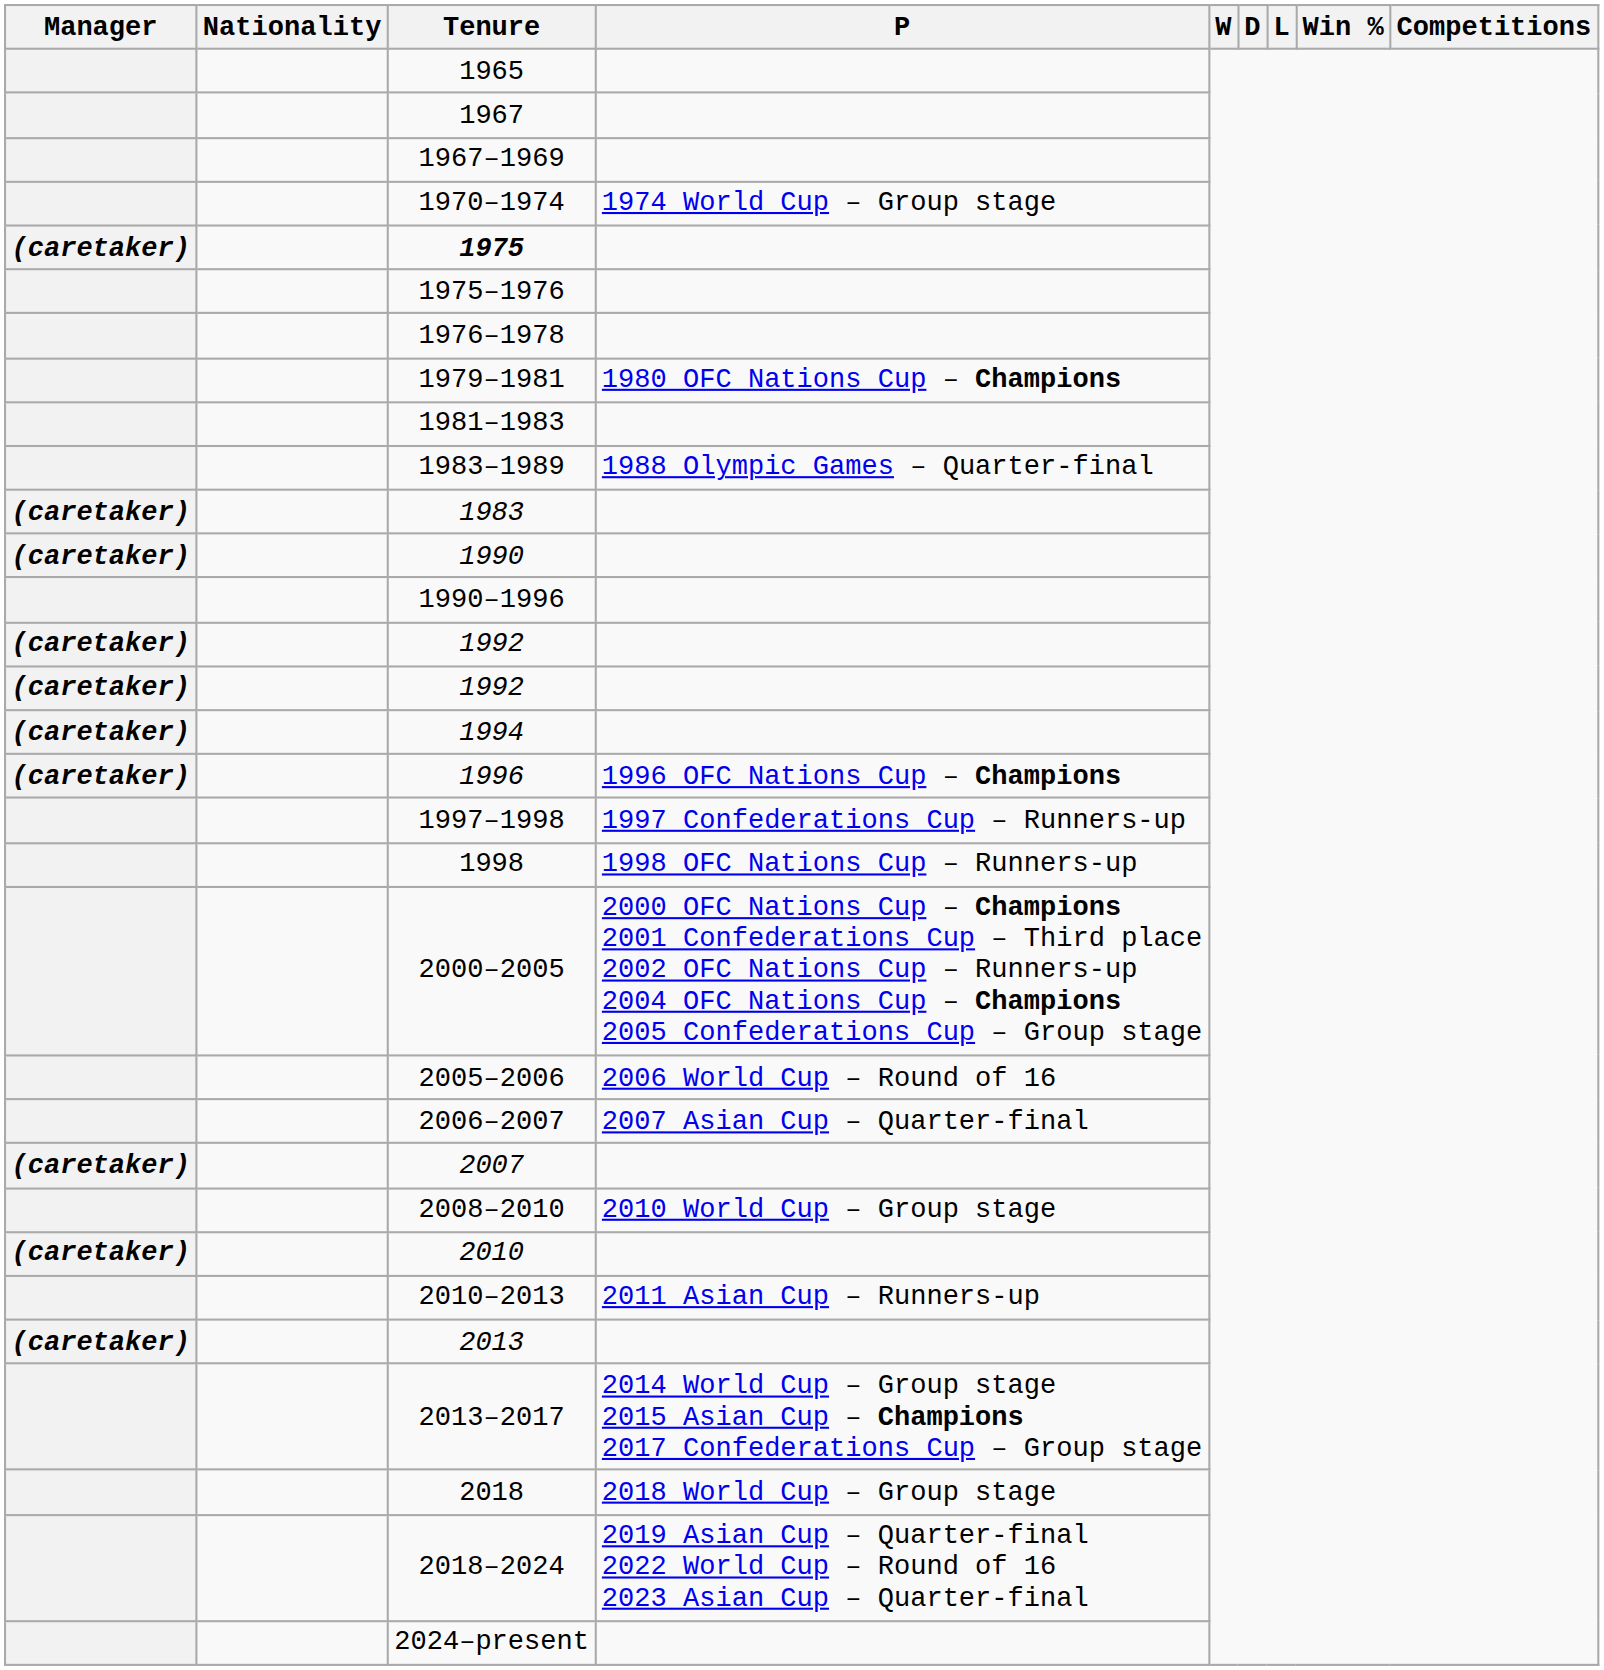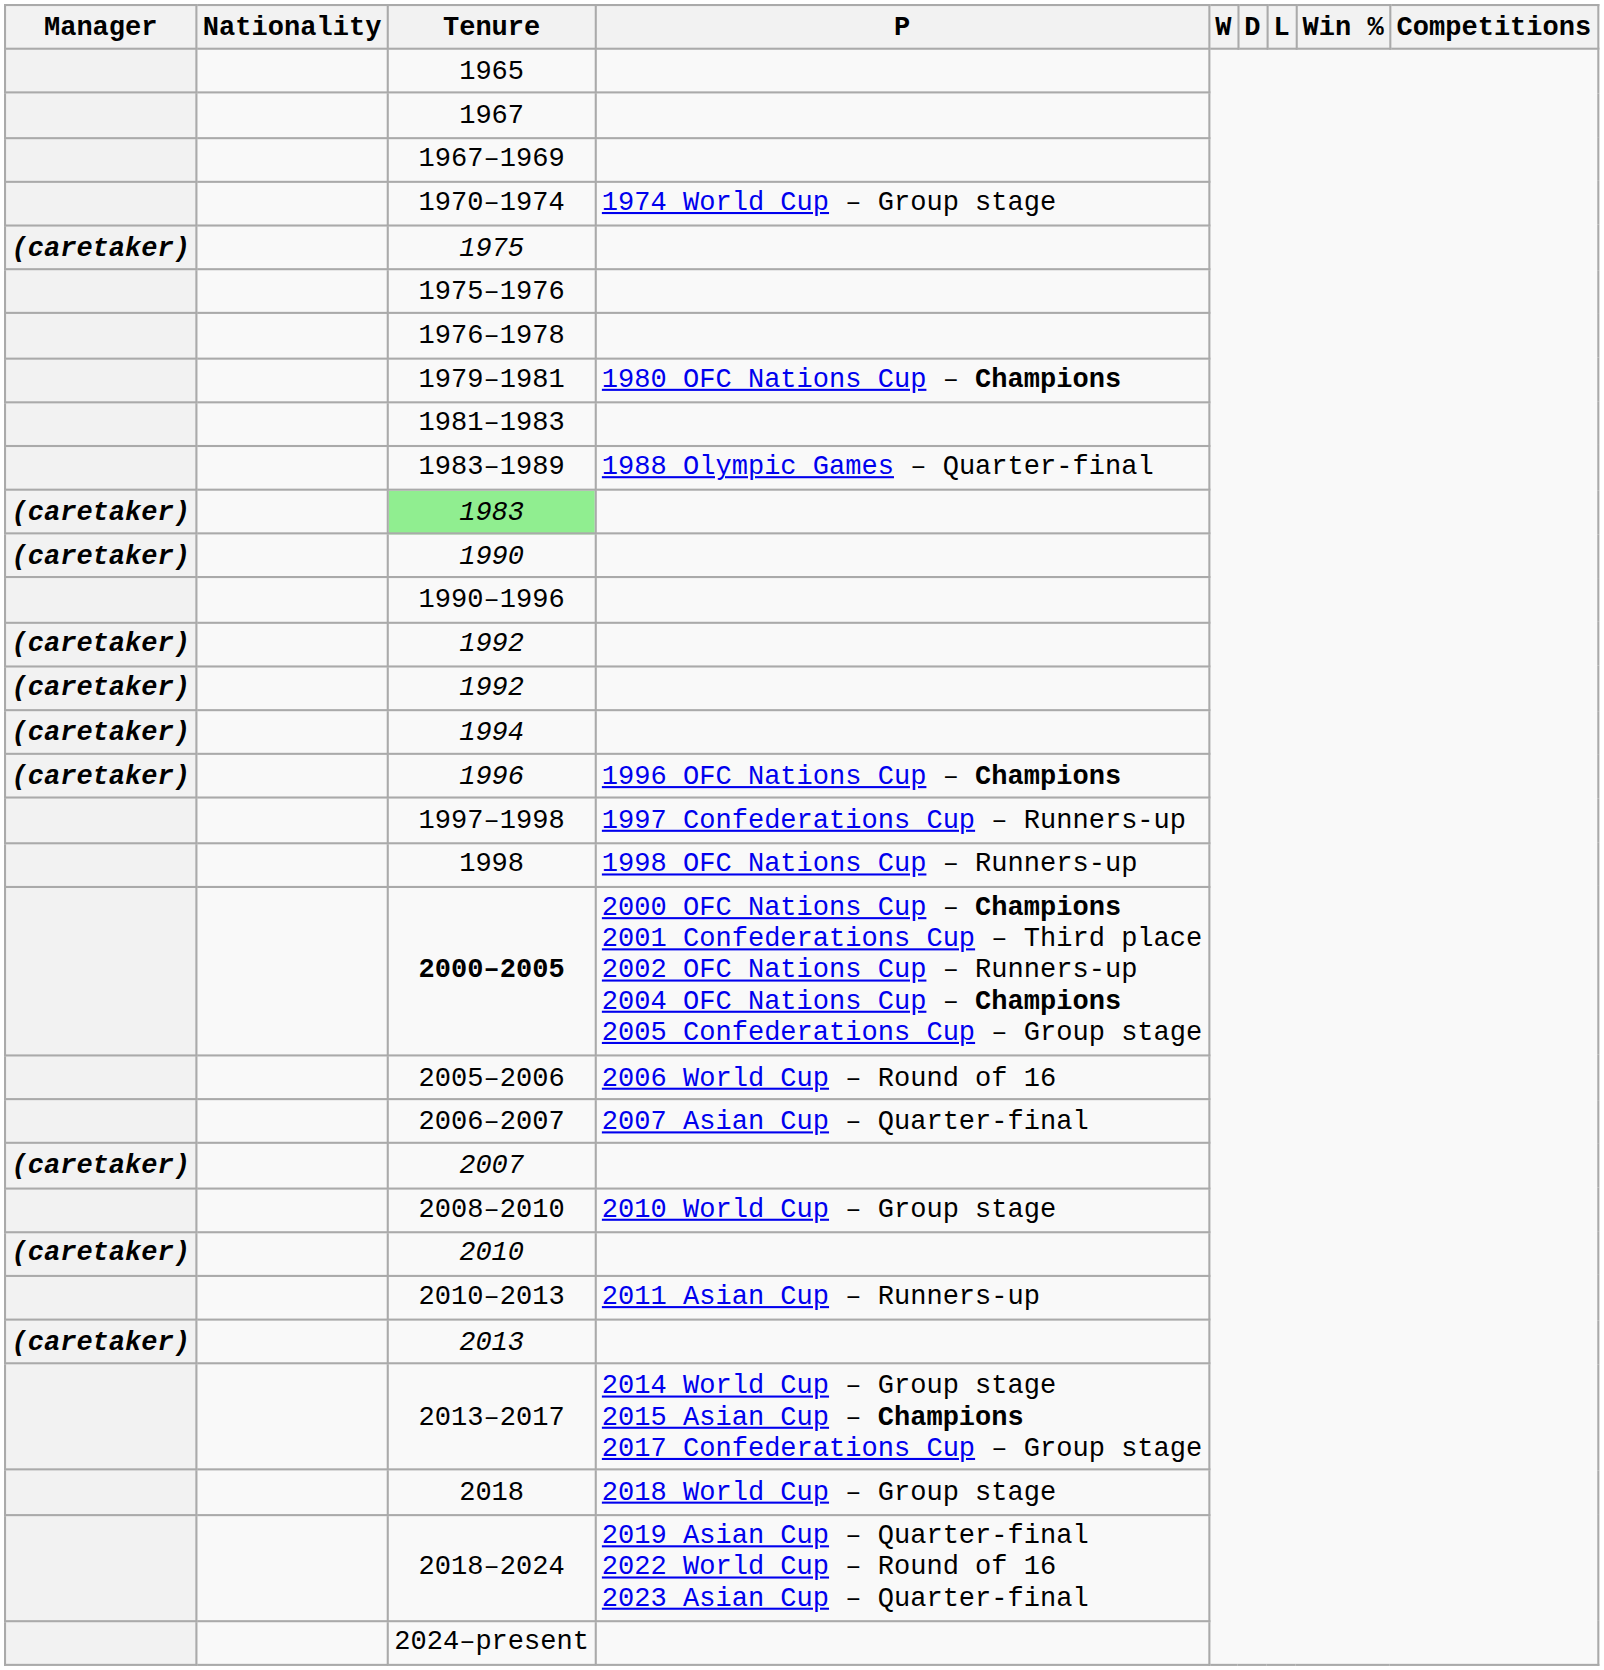 <table class="wikitable sortable plainrowheaders" style="text-align:center;">
 <tr>
 <th scope=col>Manager</th>
 <th scope=col>Nationality</th>
 <th scope=col>Tenure</th>
 <th scope=col>P</th>
 <th scope=col>W</th>
 <th scope=col>D</th>
 <th scope=col>L</th>
 <th scope=col>Win %</th>
 <th scope=col>Competitions</th>
 </tr>
 <tr>
 <th scope=row style="text-align: left;"></th>
 <td style="text-align: left;"></td>
 <td>1965<br></td>
 <td></td>
 </tr>
 <tr>
 <th scope=row style="text-align: left;"></th>
 <td style="text-align: left;"></td>
 <td>1967<br></td>
 <td></td>
 </tr>
 <tr>
 <th scope=row style="text-align: left;"></th>
 <td style="text-align: left;"></td>
 <td>1967–1969<br></td>
 <td></td>
 </tr>
 <tr>
 <th scope=row style="text-align:left;"></th>
 <td style="text-align: left;"></td>
 <td>1970–1974<br></td>
 <td style="text-align:left;"><a href='#'>1974 World Cup</a> – Group stage</td>
 </tr>
 <tr>
 <th scope=row style="text-align:left;"> <em>(caretaker)</em></th>
 <td style="text-align: left;"></td>
-<td><strong><em>1975</em><br></strong></td>
+<td><em>1975</em><br></td>
 <td></td>
 </tr>
 <tr>
 <th scope=row style="text-align:left;"></th>
 <td style="text-align: left;"></td>
 <td>1975–1976<br></td>
 <td></td>
 </tr>
 <tr>
 <th scope=row style="text-align:left;"></th>
 <td style="text-align: left;"></td>
 <td>1976–1978<br></td>
 <td></td>
 </tr>
 <tr>
 <th scope=row style="text-align:left;"></th>
 <td style="text-align: left;"></td>
 <td>1979–1981<br></td>
 <td style="text-align: left;"><a href='#'>1980 OFC Nations Cup</a> – <strong>Champions</strong></td>
 </tr>
 <tr>
 <th scope=row style="text-align:left;"></th>
 <td style="text-align: left;"></td>
 <td>1981–1983<br></td>
 <td></td>
 </tr>
 <tr>
 <th scope=row style="text-align:left;"></th>
 <td style="text-align: left;"></td>
 <td>1983–1989<br></td>
 <td style="text-align: left;"><a href='#'>1988 Olympic Games</a> – Quarter-final</td>
 </tr>
 <tr>
 <th scope=row style="text-align:left;"> <em>(caretaker)</em></th>
 <td style="text-align: left;"></td>
-<td><em>1983</em><br></td>
+<td style="background: lightgreen;"><em>1983</em><br></td>
 <td></td>
 </tr>
 <tr>
 <th scope=row style="text-align:left;"> <em>(caretaker)</em></th>
 <td style="text-align: left;"></td>
 <td><em>1990</em><br></td>
 <td></td>
 </tr>
 <tr>
 <th scope=row style="text-align:left;"></th>
 <td style="text-align: left;"></td>
 <td>1990–1996<br></td>
 <td></td>
 </tr>
 <tr>
 <th scope=row style="text-align:left;"> <em>(caretaker)</em></th>
 <td style="text-align: left;"></td>
 <td><em>1992</em><br></td>
 <td></td>
 </tr>
 <tr>
 <th scope=row style="text-align:left;"> <em>(caretaker)</em></th>
 <td style="text-align: left;"></td>
 <td><em>1992</em><br></td>
 <td></td>
 </tr>
 <tr>
 <th scope=row style="text-align:left;"> <em>(caretaker)</em></th>
 <td style="text-align: left;"></td>
 <td><em>1994</em><br></td>
 <td></td>
 </tr>
 <tr>
 <th scope=row style="text-align:left;"> <em>(caretaker)</em></th>
 <td style="text-align: left;"></td>
 <td><em>1996</em><br></td>
 <td style="text-align: left;"><a href='#'>1996 OFC Nations Cup</a> – <strong>Champions</strong></td>
 </tr>
 <tr>
 <th scope=row style="text-align:left;"></th>
 <td style="text-align: left;"></td>
 <td>1997–1998<br></td>
 <td style="text-align: left;"><a href='#'>1997 Confederations Cup</a> – Runners-up</td>
 </tr>
 <tr>
 <th scope=row style="text-align:left;"></th>
 <td style="text-align: left;"></td>
 <td>1998<br></td>
 <td style="text-align: left;"><a href='#'>1998 OFC Nations Cup</a> – Runners-up</td>
 </tr>
 <tr>
 <th scope=row style="text-align:left;"></th>
 <td style="text-align: left;"></td>
-<td>2000–2005<br></td>
+<td><strong>2000–2005<br></strong></td>
 <td style="text-align: left;"><a href='#'>2000 OFC Nations Cup</a> – <strong>Champions</strong> <br> <a href='#'>2001 Confederations Cup</a> – Third place <br> <a href='#'>2002 OFC Nations Cup</a> – Runners-up <br> <a href='#'>2004 OFC Nations Cup</a> – <strong>Champions</strong> <br> <a href='#'>2005 Confederations Cup</a> – Group stage</td>
 </tr>
 <tr>
 <th scope=row style="text-align:left;"></th>
 <td style="text-align: left;"></td>
 <td>2005–2006<br></td>
 <td style="text-align: left;"><a href='#'>2006 World Cup</a> – Round of 16</td>
 </tr>
 <tr>
 <th scope=row style="text-align:left;"></th>
 <td style="text-align: left;"></td>
 <td>2006–2007<br></td>
 <td style="text-align: left;"><a href='#'>2007 Asian Cup</a> – Quarter-final</td>
 </tr>
 <tr>
 <th scope=row style="text-align:left;"> <em>(caretaker)</em></th>
 <td style="text-align: left;"></td>
 <td><em>2007</em><br></td>
 <td></td>
 </tr>
 <tr>
 <th scope=row style="text-align:left;"></th>
 <td style="text-align: left;"></td>
 <td>2008–2010<br></td>
 <td style="text-align: left;"><a href='#'>2010 World Cup</a> – Group stage</td>
 </tr>
 <tr>
 <th scope=row style="text-align:left;"> <em>(caretaker)</em></th>
 <td style="text-align: left;"></td>
 <td><em>2010</em><br></td>
 <td></td>
 </tr>
 <tr>
 <th scope=row style="text-align:left;"></th>
 <td style="text-align: left;"></td>
 <td>2010–2013<br></td>
 <td style="text-align: left;"><a href='#'>2011 Asian Cup</a> – Runners-up</td>
 </tr>
 <tr>
 <th scope=row style="text-align:left;"> <em>(caretaker)</em></th>
 <td style="text-align: left;"></td>
 <td><em>2013</em><br></td>
 <td></td>
 </tr>
 <tr>
 <th scope=row style="text-align:left;"></th>
 <td style="text-align: left;"></td>
 <td>2013–2017<br></td>
 <td style="text-align: left;"><a href='#'>2014 World Cup</a> – Group stage <br> <a href='#'>2015 Asian Cup</a> – <strong>Champions</strong> <br> <a href='#'>2017 Confederations Cup</a> – Group stage</td>
 </tr>
 <tr>
 <th scope=row style="text-align: left;"></th>
 <td style="text-align: left;"></td>
 <td>2018<br></td>
 <td style="text-align: left;"><a href='#'>2018 World Cup</a> – Group stage</td>
 </tr>
 <tr>
 <th scope=row style="text-align: left;"></th>
 <td style="text-align: left;"></td>
 <td>2018–2024<br></td>
 <td style="text-align: left;"><a href='#'>2019 Asian Cup</a> – Quarter-final<br><a href='#'>2022 World Cup</a> – Round of 16<br><a href='#'>2023 Asian Cup</a> – Quarter-final</td>
 </tr>
 <tr>
 <th scope=row style="text-align: left;"></th>
 <td style="text-align: left;"></td>
 <td>2024–present<br></td>
 <td style="text-align: left;"></td>
 </tr>
 </table>
